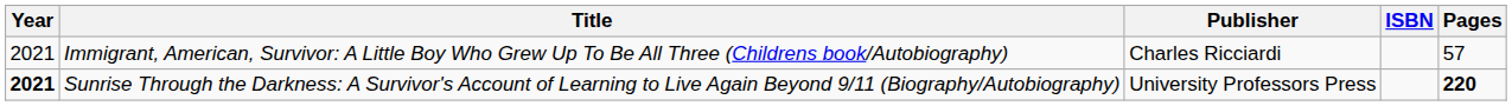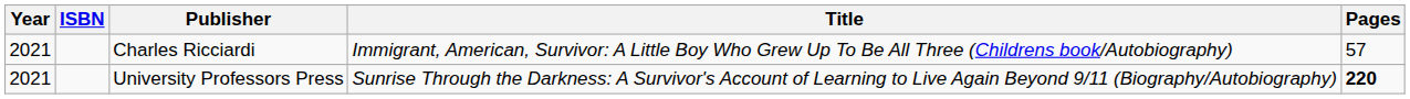 <table class="wikitable sortable">
 <tr>
 <th>Year</th>
+<th><a href='#'>ISBN</a></th>
+<th>Publisher</th>
 <th>Title</th>
-<th>Publisher</th>
-<th><a href='#'>ISBN</a></th>
 <th>Pages</th>
 </tr>
 <tr>
 <td>2021</td>
+<td></td>
+<td>Charles Ricciardi</td>
 <td><em>Immigrant, American, Survivor: A Little Boy Who Grew Up To Be All Three (<a href='#'>Childrens book</a>/Autobiography)</em></td>
-<td>Charles Ricciardi</td>
-<td></td>
 <td>57</td>
 </tr>
 <tr>
-<td><strong>2021</strong></td>
+<td>2021</td>
+<td></td>
+<td>University Professors Press</td>
 <td><em>Sunrise Through the Darkness: A Survivor's Account of Learning to Live Again Beyond 9/11 (Biography/Autobiography)</em></td>
-<td>University Professors Press</td>
-<td></td>
 <td><strong>220</strong></td>
 </tr>
 </table>
